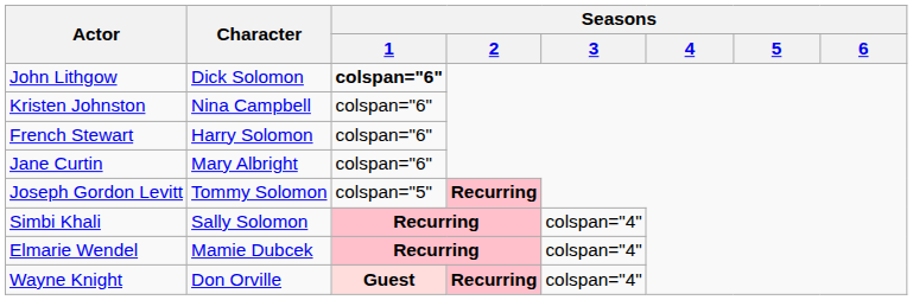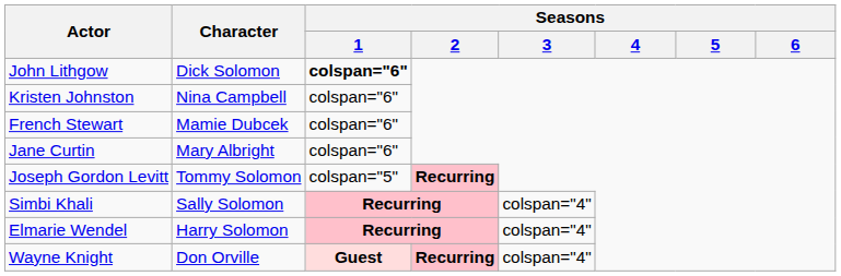 <table class="wikitable" width="50%" style="white-space:nowrap;">
 <tr>
 <th rowspan="2">Actor</th>
 <th rowspan="2">Character</th>
 <th colspan="6">Seasons</th>
 </tr>
 <tr>
 <th width="10%" scope="col"><a href='#'>1</a></th>
 <th width="10%" scope="col"><a href='#'>2</a></th>
 <th width="10%" scope="col"><a href='#'>3</a></th>
 <th width="10%" scope="col"><a href='#'>4</a></th>
 <th width="10%" scope="col"><a href='#'>5</a></th>
 <th width="10%" scope="col"><a href='#'>6</a></th>
 </tr>
 <tr>
 <td><a href='#'>John Lithgow</a></td>
 <td><a href='#'>Dick Solomon</a></td>
 <td><strong>colspan="6" </strong></td>
 </tr>
 <tr>
 <td><a href='#'>Kristen Johnston</a></td>
 <td><a href='#'>Nina Campbell</a></td>
 <td>colspan="6" </td>
 </tr>
 <tr>
 <td><a href='#'>French Stewart</a></td>
-<td><a href='#'>Harry Solomon</a></td>
+<td><a href='#'>Mamie Dubcek</a></td>
 <td>colspan="6" </td>
 </tr>
 <tr>
 <td><a href='#'>Jane Curtin</a></td>
 <td><a href='#'>Mary Albright</a></td>
 <td>colspan="6" </td>
 </tr>
 <tr>
 <td><a href='#'>Joseph Gordon Levitt</a></td>
 <td><a href='#'>Tommy Solomon</a></td>
 <td>colspan="5" </td>
 <td colspan="1" style="background:pink; text-align:center;"><strong>Recurring</strong></td>
 </tr>
 <tr>
 <td><a href='#'>Simbi Khali</a></td>
 <td><a href='#'>Sally Solomon</a></td>
 <td colspan="2" style="background:pink; text-align:center;"><strong>Recurring</strong></td>
 <td>colspan="4" </td>
 </tr>
 <tr>
 <td><a href='#'>Elmarie Wendel</a></td>
-<td><a href='#'>Mamie Dubcek</a></td>
+<td><a href='#'>Harry Solomon</a></td>
 <td colspan="2" style="background:pink; text-align:center;"><strong>Recurring</strong></td>
 <td>colspan="4" </td>
 </tr>
 <tr>
 <td><a href='#'>Wayne Knight</a></td>
 <td><a href='#'>Don Orville</a></td>
 <td colspan="1" style="background:#fdd; text-align:center;"><strong>Guest</strong></td>
 <td colspan="1" style="background:pink; text-align:center;"><strong>Recurring</strong></td>
 <td>colspan="4" </td>
 </tr>
 </table>
